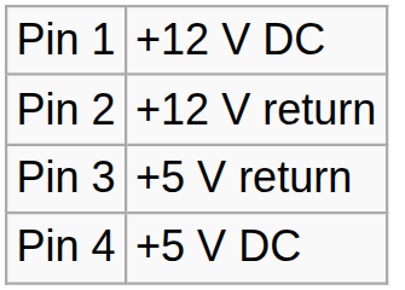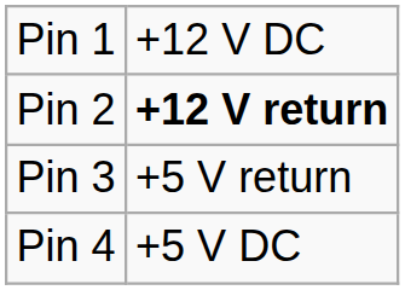 <table class="wikitable">
 <tr>
 <td>Pin 1</td>
 <td>+12 V DC</td>
 </tr>
 <tr>
 <td>Pin 2</td>
-<td>+12 V return</td>
+<td><strong>+12 V return</strong></td>
 </tr>
 <tr>
 <td>Pin 3</td>
 <td>+5 V return</td>
 </tr>
 <tr>
 <td>Pin 4</td>
 <td>+5 V DC</td>
 </tr>
 </table>
